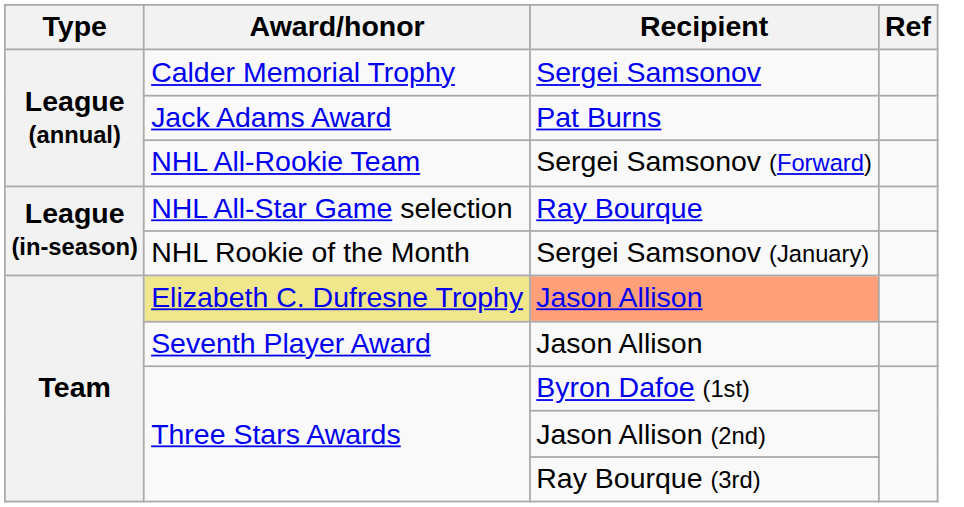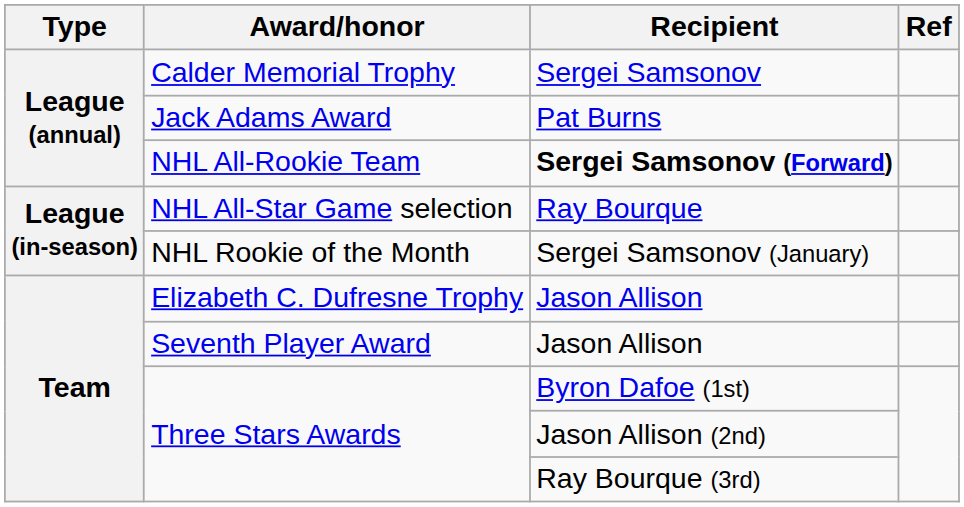 <table class="wikitable">
 <tr>
 <th scope="col">Type</th>
 <th scope="col">Award/honor</th>
 <th scope="col">Recipient</th>
 <th scope="col">Ref</th>
 </tr>
 <tr>
 <th scope="row" rowspan="3">League<br><small>(annual)</small></th>
 <td><a href='#'>Calder Memorial Trophy</a></td>
 <td><a href='#'>Sergei Samsonov</a></td>
 <td></td>
 </tr>
 <tr>
 <td><a href='#'>Jack Adams Award</a></td>
 <td><a href='#'>Pat Burns</a></td>
 <td></td>
 </tr>
 <tr>
 <td><a href='#'>NHL All-Rookie Team</a></td>
-<td>Sergei Samsonov <small>(<a href='#'>Forward</a>)</small></td>
+<td><strong>Sergei Samsonov <small>(<a href='#'>Forward</a>)</small></strong></td>
 <td></td>
 </tr>
 <tr>
 <th scope="row" rowspan=2>League<br><small>(in-season)</small></th>
 <td><a href='#'>NHL All-Star Game</a> selection</td>
 <td><a href='#'>Ray Bourque</a></td>
 <td></td>
 </tr>
 <tr>
 <td>NHL Rookie of the Month</td>
 <td>Sergei Samsonov <small>(January)</small></td>
 <td></td>
 </tr>
 <tr>
 <th scope="row" rowspan="6">Team<br></th>
-<td style="background: khaki;"><a href='#'>Elizabeth C. Dufresne Trophy</a></td>
-<td style="background: lightsalmon;"><a href='#'>Jason Allison</a></td>
+<td><a href='#'>Elizabeth C. Dufresne Trophy</a></td>
+<td><a href='#'>Jason Allison</a></td>
 <td></td>
 </tr>
 <tr>
 <td><a href='#'>Seventh Player Award</a></td>
 <td>Jason Allison</td>
 <td></td>
 </tr>
 <tr>
 <td rowspan="3"><a href='#'>Three Stars Awards</a></td>
 <td><a href='#'>Byron Dafoe</a> <small>(1st)</small></td>
 <td rowspan="3"></td>
 </tr>
 <tr>
 <td>Jason Allison <small>(2nd)</small></td>
 </tr>
 <tr>
 <td>Ray Bourque <small>(3rd)</small></td>
 </tr>
 </table>
